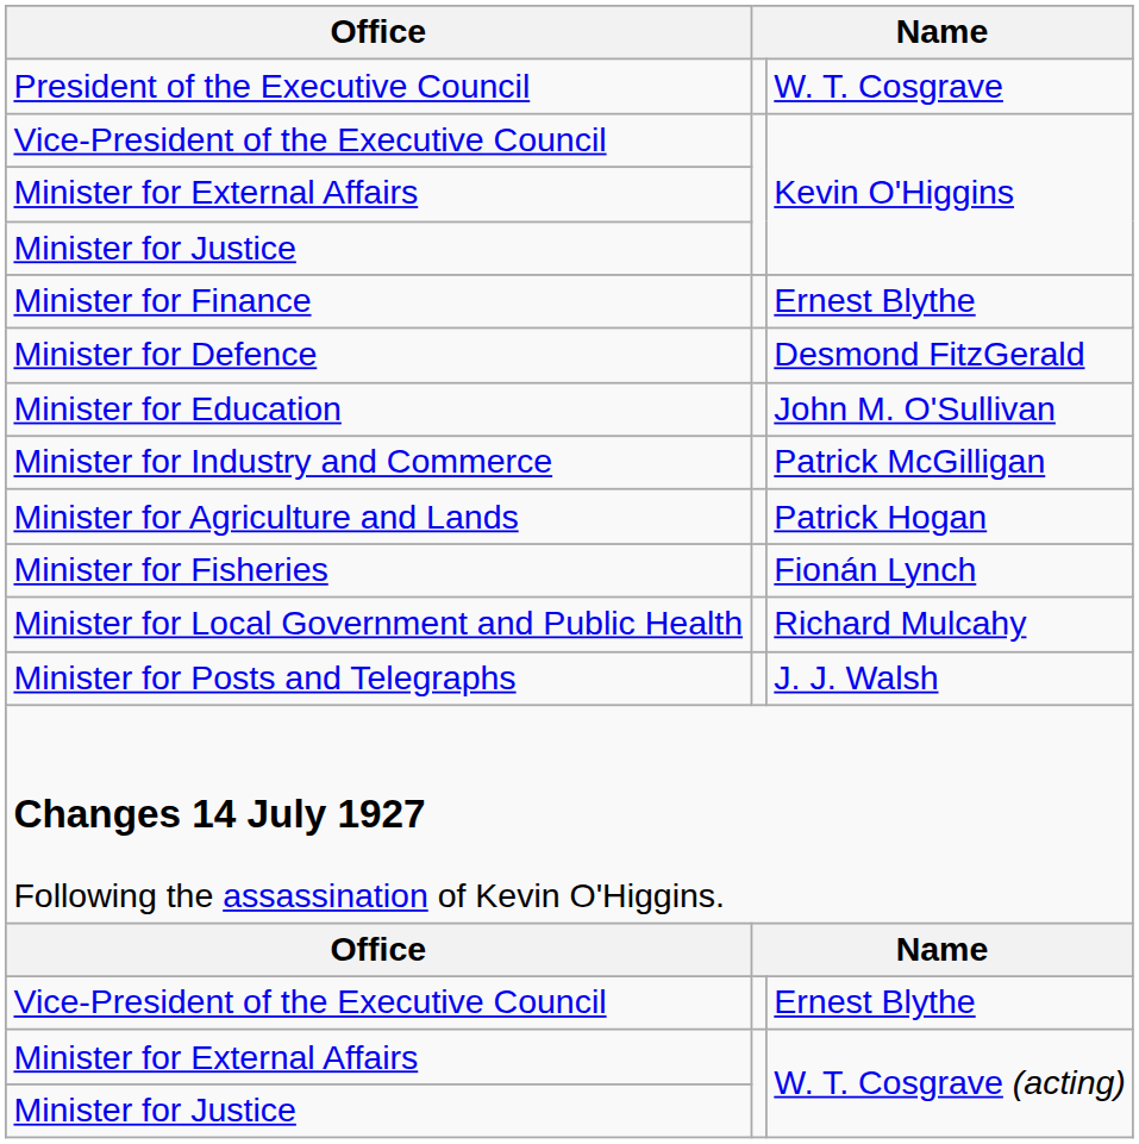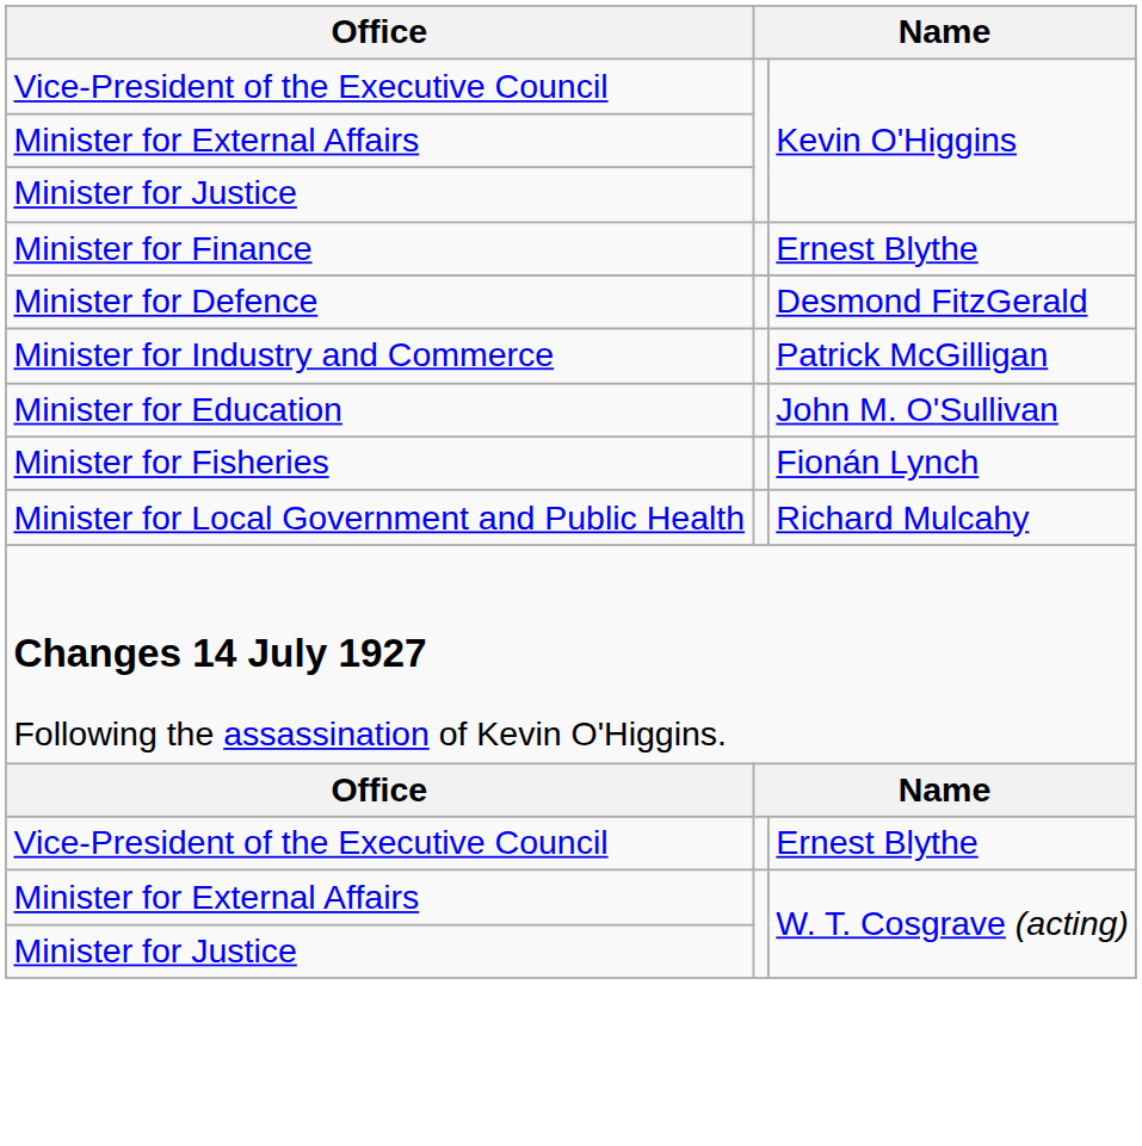 <table class="wikitable">
 <tr>
 <th>Office</th>
 <th colspan="2">Name</th>
-</tr>
-<tr>
-<td><a href='#'>President of the Executive Council</a></td>
-<td style="background-color: "></td>
-<td><a href='#'>W. T. Cosgrave</a></td>
 </tr>
 <tr>
 <td><a href='#'>Vice-President of the Executive Council</a></td>
 <td rowspan=3 style="background-color: "></td>
 <td rowspan=3><a href='#'>Kevin O'Higgins</a></td>
 </tr>
 <tr>
 <td><a href='#'>Minister for External Affairs</a></td>
 </tr>
 <tr>
 <td><a href='#'>Minister for Justice</a></td>
 </tr>
 <tr>
 <td><a href='#'>Minister for Finance</a></td>
 <td style="background-color: "></td>
 <td><a href='#'>Ernest Blythe</a></td>
 </tr>
 <tr>
 <td><a href='#'>Minister for Defence</a></td>
 <td style="background-color: "></td>
 <td><a href='#'>Desmond FitzGerald</a></td>
 </tr>
 <tr>
-<td><a href='#'>Minister for Education</a></td>
-<td style="background-color: "></td>
-<td><a href='#'>John M. O'Sullivan</a></td>
-</tr>
-<tr>
 <td><a href='#'>Minister for Industry and Commerce</a></td>
 <td style="background-color: "></td>
 <td><a href='#'>Patrick McGilligan</a></td>
 </tr>
 <tr>
-<td><a href='#'>Minister for Agriculture and Lands</a></td>
+<td><a href='#'>Minister for Education</a></td>
 <td style="background-color: "></td>
-<td><a href='#'>Patrick Hogan</a></td>
+<td><a href='#'>John M. O'Sullivan</a></td>
 </tr>
 <tr>
 <td><a href='#'>Minister for Fisheries</a></td>
 <td style="background-color: "></td>
 <td><a href='#'>Fionán Lynch</a></td>
 </tr>
 <tr>
 <td><a href='#'>Minister for Local Government and Public Health</a></td>
 <td style="background-color: "></td>
 <td><a href='#'>Richard Mulcahy</a></td>
-</tr>
-<tr>
-<td><a href='#'>Minister for Posts and Telegraphs</a></td>
-<td style="background-color: "></td>
-<td><a href='#'>J. J. Walsh</a></td>
 </tr>
 <tr>
 <td colspan=3><br><h3>Changes 14 July 1927</h3>Following the <a href='#'>assassination</a> of Kevin O'Higgins.</td>
 </tr>
 <tr>
 <th>Office</th>
 <th colspan="2">Name</th>
 </tr>
 <tr>
 <td><a href='#'>Vice-President of the Executive Council</a></td>
 <td style="background-color: "></td>
 <td><a href='#'>Ernest Blythe</a></td>
 </tr>
 <tr>
 <td><a href='#'>Minister for External Affairs</a></td>
 <td rowspan=2 style="background-color: "></td>
 <td rowspan=2><a href='#'>W. T. Cosgrave</a> <em>(acting)</em></td>
 </tr>
 <tr>
 <td><a href='#'>Minister for Justice</a></td>
 </tr>
 </table>
